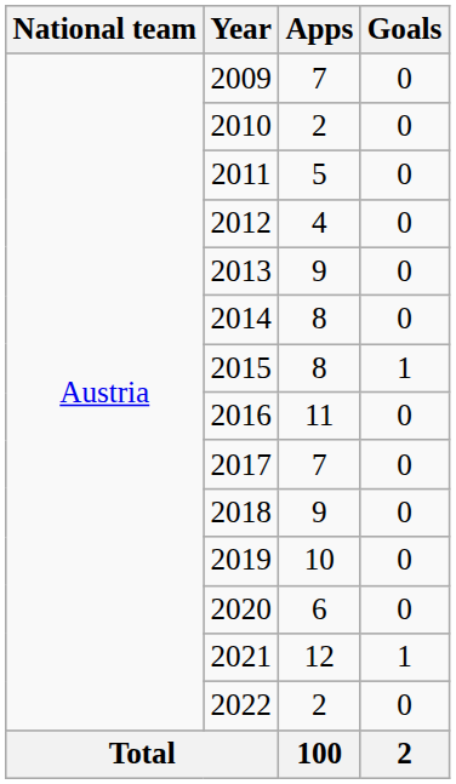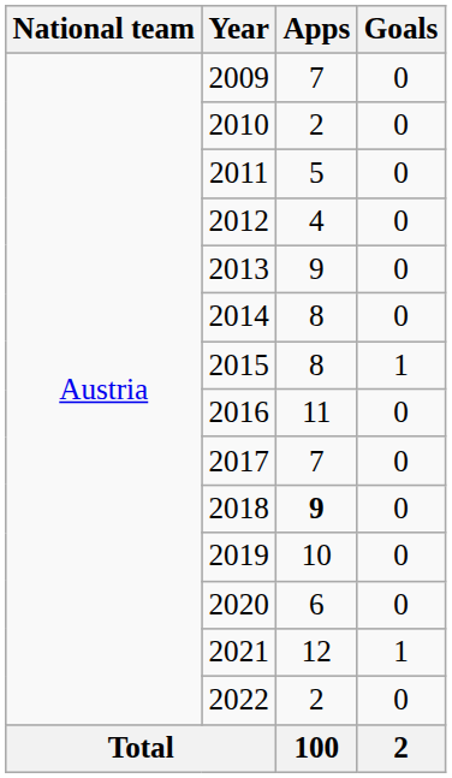 <table class="wikitable" style="text-align: center;">
 <tr>
 <th>National team</th>
 <th>Year</th>
 <th>Apps</th>
 <th>Goals</th>
 </tr>
 <tr>
 <td rowspan="14" valign="center"><a href='#'>Austria</a></td>
 <td>2009</td>
 <td>7</td>
 <td>0</td>
 </tr>
 <tr>
 <td>2010</td>
 <td>2</td>
 <td>0</td>
 </tr>
 <tr>
 <td>2011</td>
 <td>5</td>
 <td>0</td>
 </tr>
 <tr>
 <td>2012</td>
 <td>4</td>
 <td>0</td>
 </tr>
 <tr>
 <td>2013</td>
 <td>9</td>
 <td>0</td>
 </tr>
 <tr>
 <td>2014</td>
 <td>8</td>
 <td>0</td>
 </tr>
 <tr>
 <td>2015</td>
 <td>8</td>
 <td>1</td>
 </tr>
 <tr>
 <td>2016</td>
 <td>11</td>
 <td>0</td>
 </tr>
 <tr>
 <td>2017</td>
 <td>7</td>
 <td>0</td>
 </tr>
 <tr>
 <td>2018</td>
-<td>9</td>
+<td><strong>9</strong></td>
 <td>0</td>
 </tr>
 <tr>
 <td>2019</td>
 <td>10</td>
 <td>0</td>
 </tr>
 <tr>
 <td>2020</td>
 <td>6</td>
 <td>0</td>
 </tr>
 <tr>
 <td>2021</td>
 <td>12</td>
 <td>1</td>
 </tr>
 <tr>
 <td>2022</td>
 <td>2</td>
 <td>0</td>
 </tr>
 <tr>
 <th colspan="2">Total</th>
 <th>100</th>
 <th>2</th>
 </tr>
 </table>
